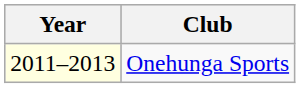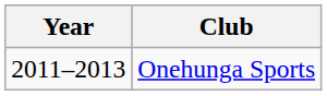 <table class="wikitable" style="font-size:95%;">
 <tr>
 <th>Year</th>
 <th>Club</th>
 </tr>
 <tr>
-<td style="background: lightyellow;">2011–2013</td>
+<td>2011–2013</td>
 <td><a href='#'>Onehunga Sports</a></td>
 </tr>
 </table>
